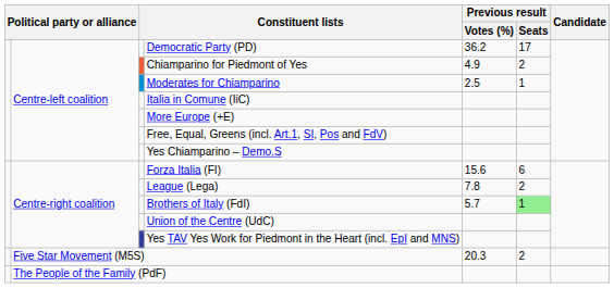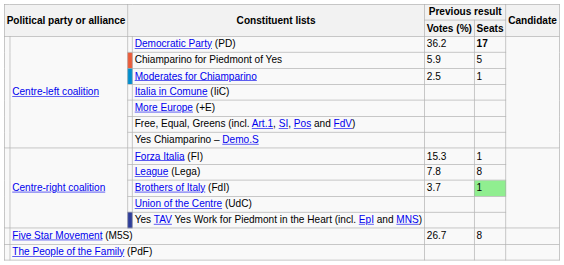 <table class="wikitable" style="text-align:left">
 <tr>
 <th colspan=2 rowspan="2">Political party or alliance</th>
 <th colspan=2 rowspan="2">Constituent lists</th>
 <th colspan="2">Previous result</th>
 <th colspan="2" rowspan="2">Candidate</th>
 </tr>
 <tr>
 <th>Votes (%)</th>
 <th>Seats</th>
 </tr>
 <tr>
 <td rowspan="7"></td>
 <td rowspan=7><a href='#'>Centre-left coalition</a></td>
 <td></td>
 <td style="text-align:left;"><a href='#'>Democratic Party</a> (PD)</td>
 <td>36.2</td>
-<td>17</td>
+<td><strong>17</strong></td>
 <td rowspan="7"></td>
 </tr>
 <tr>
 <td style="background-color:#EC5C39"></td>
 <td>Chiamparino for Piedmont of Yes</td>
-<td>4.9</td>
-<td>2</td>
+<td>5.9</td>
+<td>5</td>
 </tr>
 <tr>
 <td style="background-color:#008ECE"></td>
 <td><a href='#'>Moderates for Chiamparino</a></td>
 <td>2.5</td>
 <td>1</td>
 </tr>
 <tr>
 <td style="background-color:"></td>
 <td><a href='#'>Italia in Comune</a> (IiC)</td>
 <td></td>
 <td></td>
 </tr>
 <tr>
 <td style="background-color:"></td>
 <td><a href='#'>More Europe</a> (+E)</td>
 <td></td>
 <td></td>
 </tr>
 <tr>
 <td></td>
 <td style="text-align:left;">Free, Equal, Greens (incl. <a href='#'>Art.1</a>, <a href='#'>SI</a>, <a href='#'>Pos</a> and <a href='#'>FdV</a>)</td>
 <td></td>
 <td></td>
 </tr>
 <tr>
 <td></td>
 <td>Yes Chiamparino – <a href='#'>Demo.S</a></td>
 <td></td>
 <td></td>
 </tr>
 <tr>
 <td rowspan="5" style="background:"></td>
 <td rowspan=5><a href='#'>Centre-right coalition</a></td>
 <td></td>
 <td style="text-align:left;"><a href='#'>Forza Italia</a> (FI)</td>
-<td>15.6</td>
-<td>6</td>
+<td>15.3</td>
+<td>1</td>
 <td rowspan="5"></td>
 </tr>
 <tr>
 <td></td>
 <td style="text-align:left;"><a href='#'>League</a> (Lega)</td>
 <td>7.8</td>
-<td>2</td>
+<td>8</td>
 </tr>
 <tr>
 <td></td>
 <td style="text-align:left;"><a href='#'>Brothers of Italy</a> (FdI)</td>
-<td>5.7</td>
+<td>3.7</td>
 <td style="background: lightgreen;">1</td>
 </tr>
 <tr>
 <td></td>
 <td style="text-align:left;"><a href='#'>Union of the Centre</a> (UdC)</td>
 <td></td>
 <td></td>
 </tr>
 <tr>
 <td bgcolor="#2E3D9A"></td>
 <td style="text-align:left;">Yes <a href='#'>TAV</a> Yes Work for Piedmont in the Heart (incl. <a href='#'>EpI</a> and <a href='#'>MNS</a>)</td>
 <td></td>
 <td></td>
 </tr>
 <tr>
 <td style="background-color:"></td>
 <td colspan="3"><a href='#'>Five Star Movement</a> (M5S)</td>
-<td>20.3</td>
-<td>2</td>
+<td>26.7</td>
+<td>8</td>
 <td></td>
 </tr>
 <tr>
 <td style="background-color:"></td>
 <td colspan="3"><a href='#'>The People of the Family</a> (PdF)</td>
 <td></td>
 <td></td>
 <td></td>
 </tr>
 </table>
